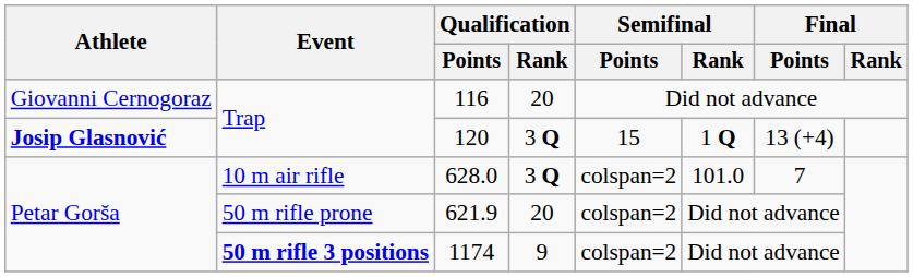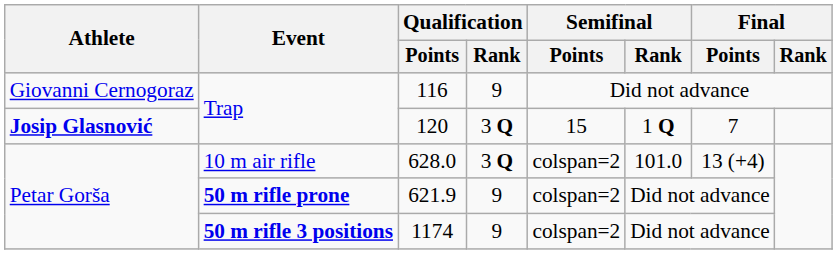 <table class="wikitable" style="font-size:90%">
 <tr>
 <th rowspan=2>Athlete</th>
 <th rowspan=2>Event</th>
 <th colspan=2>Qualification</th>
 <th colspan=2>Semifinal</th>
 <th colspan=2>Final</th>
 </tr>
 <tr style="font-size:95%">
 <th>Points</th>
 <th>Rank</th>
 <th>Points</th>
 <th>Rank</th>
 <th>Points</th>
 <th>Rank</th>
 </tr>
 <tr align=center>
 <td align=left><a href='#'>Giovanni Cernogoraz</a></td>
 <td align=left rowspan=2><a href='#'>Trap</a></td>
 <td>116</td>
-<td>20</td>
+<td>9</td>
 <td colspan=4>Did not advance</td>
 </tr>
 <tr align=center>
 <td align=left><strong><a href='#'>Josip Glasnović</a></strong></td>
 <td>120</td>
 <td>3 <strong>Q</strong></td>
 <td>15</td>
 <td>1 <strong>Q</strong></td>
-<td>13 (+4)</td>
+<td>7</td>
 <td></td>
 </tr>
 <tr align=center>
 <td align=left rowspan=3><a href='#'>Petar Gorša</a></td>
 <td align=left><a href='#'>10 m air rifle</a></td>
 <td>628.0</td>
 <td>3 <strong>Q</strong></td>
 <td>colspan=2 </td>
 <td>101.0</td>
-<td>7</td>
+<td>13 (+4)</td>
 </tr>
 <tr align=center>
-<td align=left><a href='#'>50 m rifle prone</a></td>
+<td align=left><strong><a href='#'>50 m rifle prone</a></strong></td>
 <td>621.9</td>
-<td>20</td>
+<td>9</td>
 <td>colspan=2 </td>
 <td colspan=2>Did not advance</td>
 </tr>
 <tr align=center>
 <td align=left><strong><a href='#'>50 m rifle 3 positions</a></strong></td>
 <td>1174</td>
 <td>9</td>
 <td>colspan=2 </td>
 <td colspan=2>Did not advance</td>
 </tr>
 </table>
